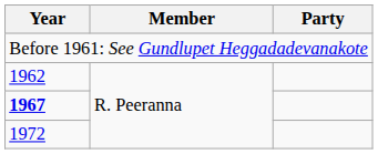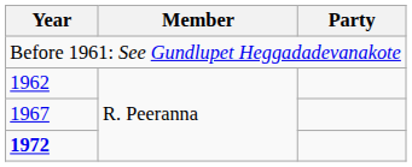 <table class="wikitable sortable">
 <tr>
 <th>Year</th>
 <th>Member</th>
 <th colspan="2">Party</th>
 </tr>
 <tr>
 <td colspan=4>Before 1961: <em>See <a href='#'>Gundlupet Heggadadevanakote</a></em></td>
 </tr>
 <tr>
 <td><a href='#'>1962</a></td>
 <td rowspan=3>R. Peeranna</td>
 <td></td>
 </tr>
 <tr>
-<td><strong><a href='#'>1967</a></strong></td>
+<td><a href='#'>1967</a></td>
 <td></td>
 </tr>
 <tr>
-<td><a href='#'>1972</a></td>
+<td><strong><a href='#'>1972</a></strong></td>
 <td></td>
 </tr>
 </table>
